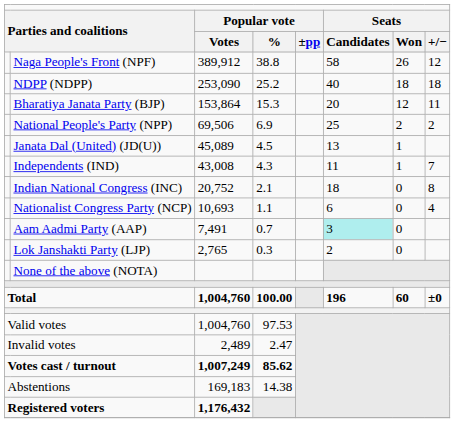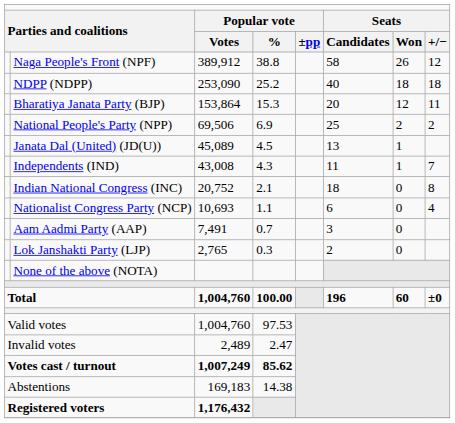 <table class="wikitable">
 <tr>
 <td colspan=8 align=center></td>
 </tr>
 <tr>
 <th colspan="2" rowspan="2" style="text-align:left;">Parties and coalitions</th>
 <th colspan="3">Popular vote</th>
 <th colspan="3">Seats</th>
 </tr>
 <tr bgcolor="#cccccc" align="center">
 <th>Votes</th>
 <th><strong>%</strong></th>
 <th><strong>±</strong><a href='#'>pp</a></th>
 <th>Candidates</th>
 <th>Won</th>
 <th><strong>+/−</strong></th>
 </tr>
 <tr>
 <td></td>
 <td><a href='#'>Naga People's Front</a> (NPF)</td>
 <td>389,912</td>
 <td>38.8</td>
 <td></td>
 <td>58</td>
 <td>26</td>
 <td>12</td>
 </tr>
 <tr>
 <td></td>
 <td><a href='#'>NDPP</a> (NDPP)</td>
 <td>253,090</td>
 <td>25.2</td>
 <td></td>
 <td>40</td>
 <td>18</td>
 <td>18</td>
 </tr>
 <tr>
 <td></td>
 <td><a href='#'>Bharatiya Janata Party</a> (BJP)</td>
 <td>153,864</td>
 <td>15.3</td>
 <td></td>
 <td>20</td>
 <td>12</td>
 <td>11</td>
 </tr>
 <tr>
 <td></td>
 <td><a href='#'>National People's Party</a> (NPP)</td>
 <td>69,506</td>
 <td>6.9</td>
 <td></td>
 <td>25</td>
 <td>2</td>
 <td>2</td>
 </tr>
 <tr>
 <td></td>
 <td><a href='#'>Janata Dal (United)</a> (JD(U))</td>
 <td>45,089</td>
 <td>4.5</td>
 <td></td>
 <td>13</td>
 <td>1</td>
 <td></td>
 </tr>
 <tr>
 <td></td>
 <td><a href='#'>Independents</a> (IND)</td>
 <td>43,008</td>
 <td>4.3</td>
 <td></td>
 <td>11</td>
 <td>1</td>
 <td>7</td>
 </tr>
 <tr>
 <td></td>
 <td><a href='#'>Indian National Congress</a> (INC)</td>
 <td>20,752</td>
 <td>2.1</td>
 <td></td>
 <td>18</td>
 <td>0</td>
 <td>8</td>
 </tr>
 <tr>
 <td></td>
 <td><a href='#'>Nationalist Congress Party</a> (NCP)</td>
 <td>10,693</td>
 <td>1.1</td>
 <td></td>
 <td>6</td>
 <td>0</td>
 <td>4</td>
 </tr>
 <tr>
 <td></td>
 <td><a href='#'>Aam Aadmi Party</a> (AAP)</td>
 <td>7,491</td>
 <td>0.7</td>
 <td></td>
-<td style="background: paleturquoise;">3</td>
+<td>3</td>
 <td>0</td>
 <td></td>
 </tr>
 <tr>
 <td></td>
 <td><a href='#'>Lok Janshakti Party</a> (LJP)</td>
 <td>2,765</td>
 <td>0.3</td>
 <td></td>
 <td>2</td>
 <td>0</td>
 <td></td>
 </tr>
 <tr>
 <td></td>
 <td><a href='#'>None of the above</a> (NOTA)</td>
 <td></td>
 <td></td>
 <td></td>
 <td colspan="3" bgcolor="#E9E9E9"></td>
 </tr>
 <tr>
 <td colspan="8" bgcolor="#E9E9E9"></td>
 </tr>
 <tr style="font-weight:bold;">
 <td colspan="2" align="left">Total</td>
 <td>1,004,760</td>
 <td>100.00</td>
 <td style="color:inherit;background:#E9E9E9"></td>
 <td>196</td>
 <td>60</td>
 <td>±0</td>
 </tr>
 <tr>
 <th colspan="8"></th>
 </tr>
 <tr>
 <td style="text-align:left;" colspan="2">Valid votes</td>
 <td align="right">1,004,760</td>
 <td align="right">97.53</td>
 <td colspan="4" rowspan="5" style="background-color:#E9E9E9"></td>
 </tr>
 <tr>
 <td style="text-align:left;" colspan="2">Invalid votes</td>
 <td align="right">2,489</td>
 <td align="right">2.47</td>
 </tr>
 <tr>
 <td style="text-align:left;" colspan="2"><strong>Votes cast / turnout</strong></td>
 <td align="right"><strong>1,007,249</strong></td>
 <td align="right"><strong>85.62</strong></td>
 </tr>
 <tr>
 <td style="text-align:left;" colspan="2">Abstentions</td>
 <td align="right">169,183</td>
 <td align="right">14.38</td>
 </tr>
 <tr>
 <td style="text-align:left;" colspan="2"><strong>Registered voters</strong></td>
 <td align="right"><strong>1,176,432</strong></td>
 <td colspan="1" style="background-color:#E9E9E9"></td>
 </tr>
 <tr>
 </tr>
 </table>
